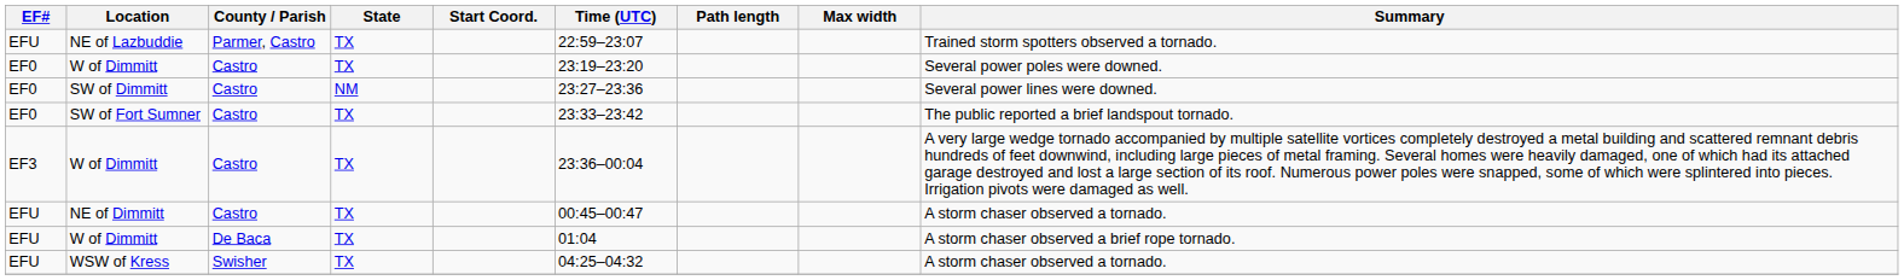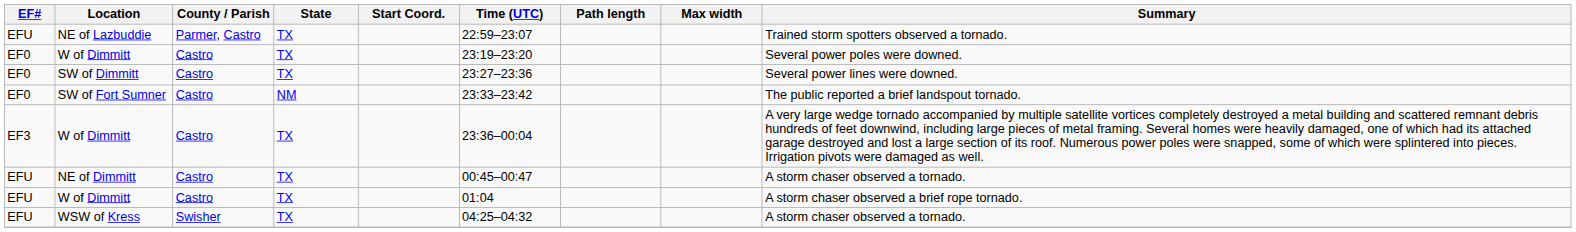 <table class="wikitable sortable" style="width:100%;">
 <tr>
 <th scope="col"  style="width:3%; text-align:center;"><a href='#'>EF#</a></th>
 <th scope="col"  style="width:7%; text-align:center;" class="unsortable">Location</th>
 <th scope="col"  style="width:6%; text-align:center;" class="unsortable">County / Parish</th>
 <th scope="col"  style="width:5%; text-align:center;">State</th>
 <th scope="col"  style="width:6%; text-align:center;">Start Coord.</th>
 <th scope="col"  style="width:6%; text-align:center;">Time (<a href='#'>UTC</a>)</th>
 <th scope="col"  style="width:6%; text-align:center;">Path length</th>
 <th scope="col"  style="width:6%; text-align:center;">Max width</th>
 <th scope="col" class="unsortable" style="width:48%; text-align:center;">Summary</th>
 </tr>
 <tr>
 <td>EFU</td>
 <td>NE of <a href='#'>Lazbuddie</a></td>
 <td><a href='#'>Parmer</a>, <a href='#'>Castro</a></td>
 <td><a href='#'>TX</a></td>
 <td></td>
 <td>22:59–23:07</td>
 <td></td>
 <td></td>
 <td>Trained storm spotters observed a tornado.</td>
 </tr>
 <tr>
 <td>EF0</td>
 <td>W of <a href='#'>Dimmitt</a></td>
 <td><a href='#'>Castro</a></td>
 <td><a href='#'>TX</a></td>
 <td></td>
 <td>23:19–23:20</td>
 <td></td>
 <td></td>
 <td>Several power poles were downed.</td>
 </tr>
 <tr>
 <td>EF0</td>
 <td>SW of <a href='#'>Dimmitt</a></td>
 <td><a href='#'>Castro</a></td>
-<td><a href='#'>NM</a></td>
+<td><a href='#'>TX</a></td>
 <td></td>
 <td>23:27–23:36</td>
 <td></td>
 <td></td>
 <td>Several power lines were downed.</td>
 </tr>
 <tr>
 <td>EF0</td>
 <td>SW of <a href='#'>Fort Sumner</a></td>
 <td><a href='#'>Castro</a></td>
-<td><a href='#'>TX</a></td>
+<td><a href='#'>NM</a></td>
 <td></td>
 <td>23:33–23:42</td>
 <td></td>
 <td></td>
 <td>The public reported a brief landspout tornado.</td>
 </tr>
 <tr>
 <td>EF3</td>
 <td>W of <a href='#'>Dimmitt</a></td>
 <td><a href='#'>Castro</a></td>
 <td><a href='#'>TX</a></td>
 <td></td>
 <td>23:36–00:04</td>
 <td></td>
 <td></td>
 <td>A very large wedge tornado accompanied by multiple satellite vortices completely destroyed a metal building and scattered remnant debris hundreds of feet downwind, including large pieces of metal framing. Several homes were heavily damaged, one of which had its attached garage destroyed and lost a large section of its roof. Numerous power poles were snapped, some of which were splintered into pieces. Irrigation pivots were damaged as well.</td>
 </tr>
 <tr>
 <td>EFU</td>
 <td>NE of <a href='#'>Dimmitt</a></td>
 <td><a href='#'>Castro</a></td>
 <td><a href='#'>TX</a></td>
 <td></td>
 <td>00:45–00:47</td>
 <td></td>
 <td></td>
 <td>A storm chaser observed a tornado.</td>
 </tr>
 <tr>
 <td>EFU</td>
 <td>W of <a href='#'>Dimmitt</a></td>
-<td><a href='#'>De Baca</a></td>
+<td><a href='#'>Castro</a></td>
 <td><a href='#'>TX</a></td>
 <td></td>
 <td>01:04</td>
 <td></td>
 <td></td>
 <td>A storm chaser observed a brief rope tornado.</td>
 </tr>
 <tr>
 <td>EFU</td>
 <td>WSW of <a href='#'>Kress</a></td>
 <td><a href='#'>Swisher</a></td>
 <td><a href='#'>TX</a></td>
 <td></td>
 <td>04:25–04:32</td>
 <td></td>
 <td></td>
 <td>A storm chaser observed a tornado.</td>
 </tr>
 <tr>
 </tr>
 </table>
